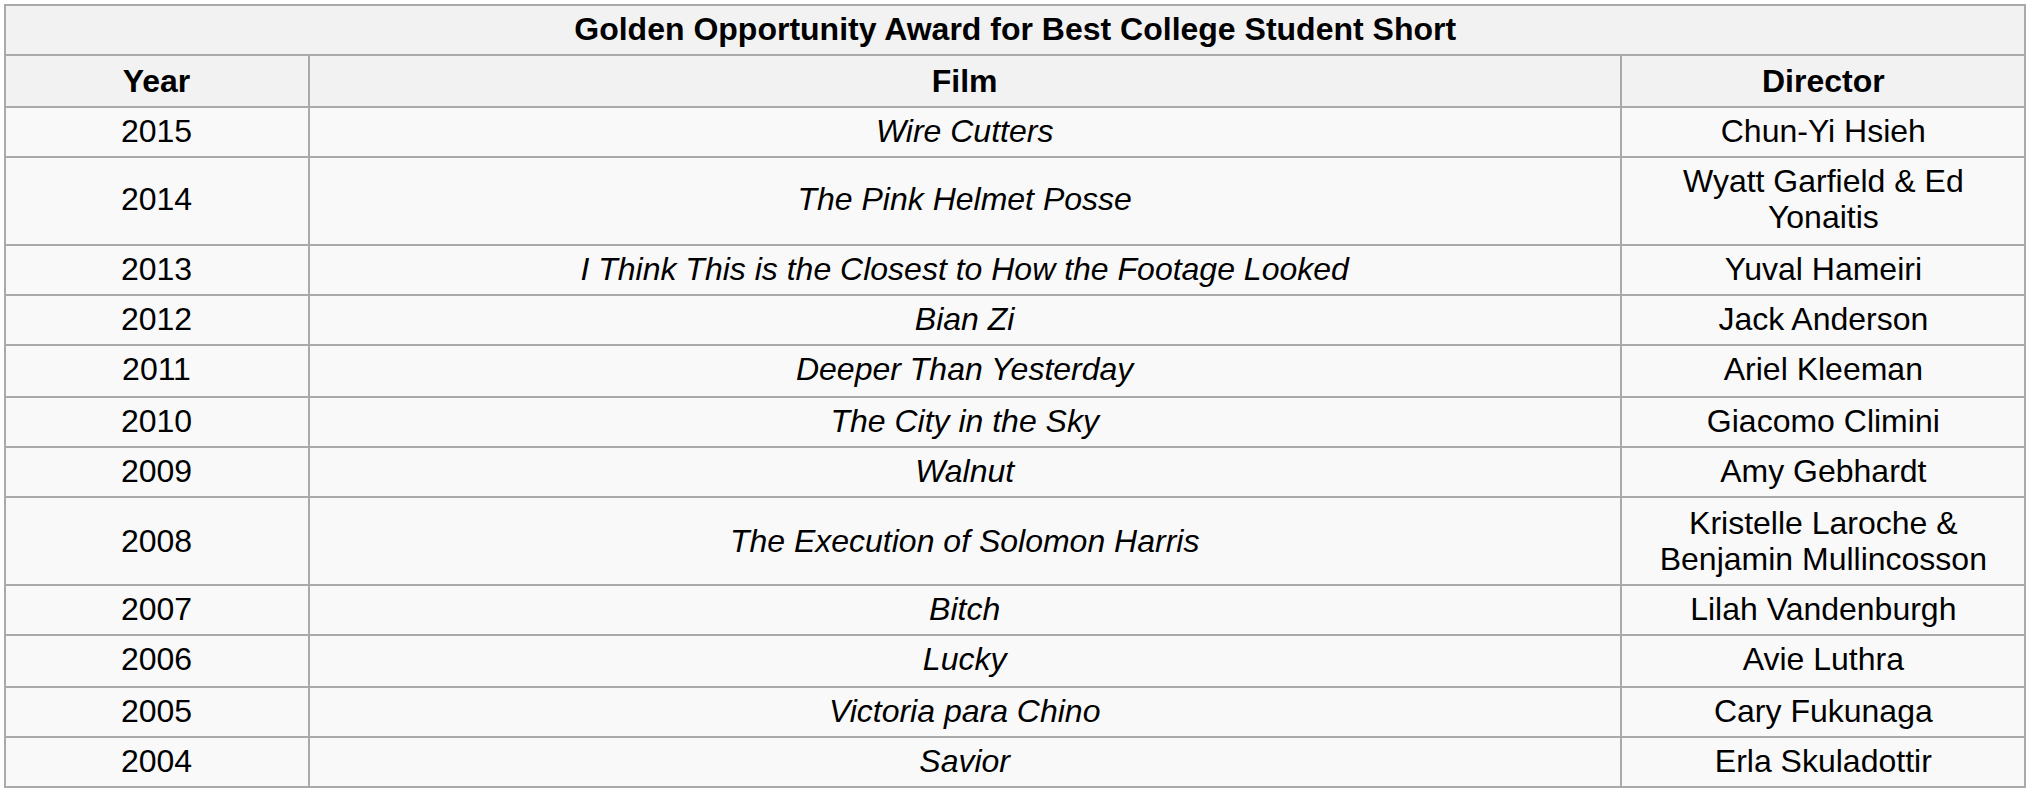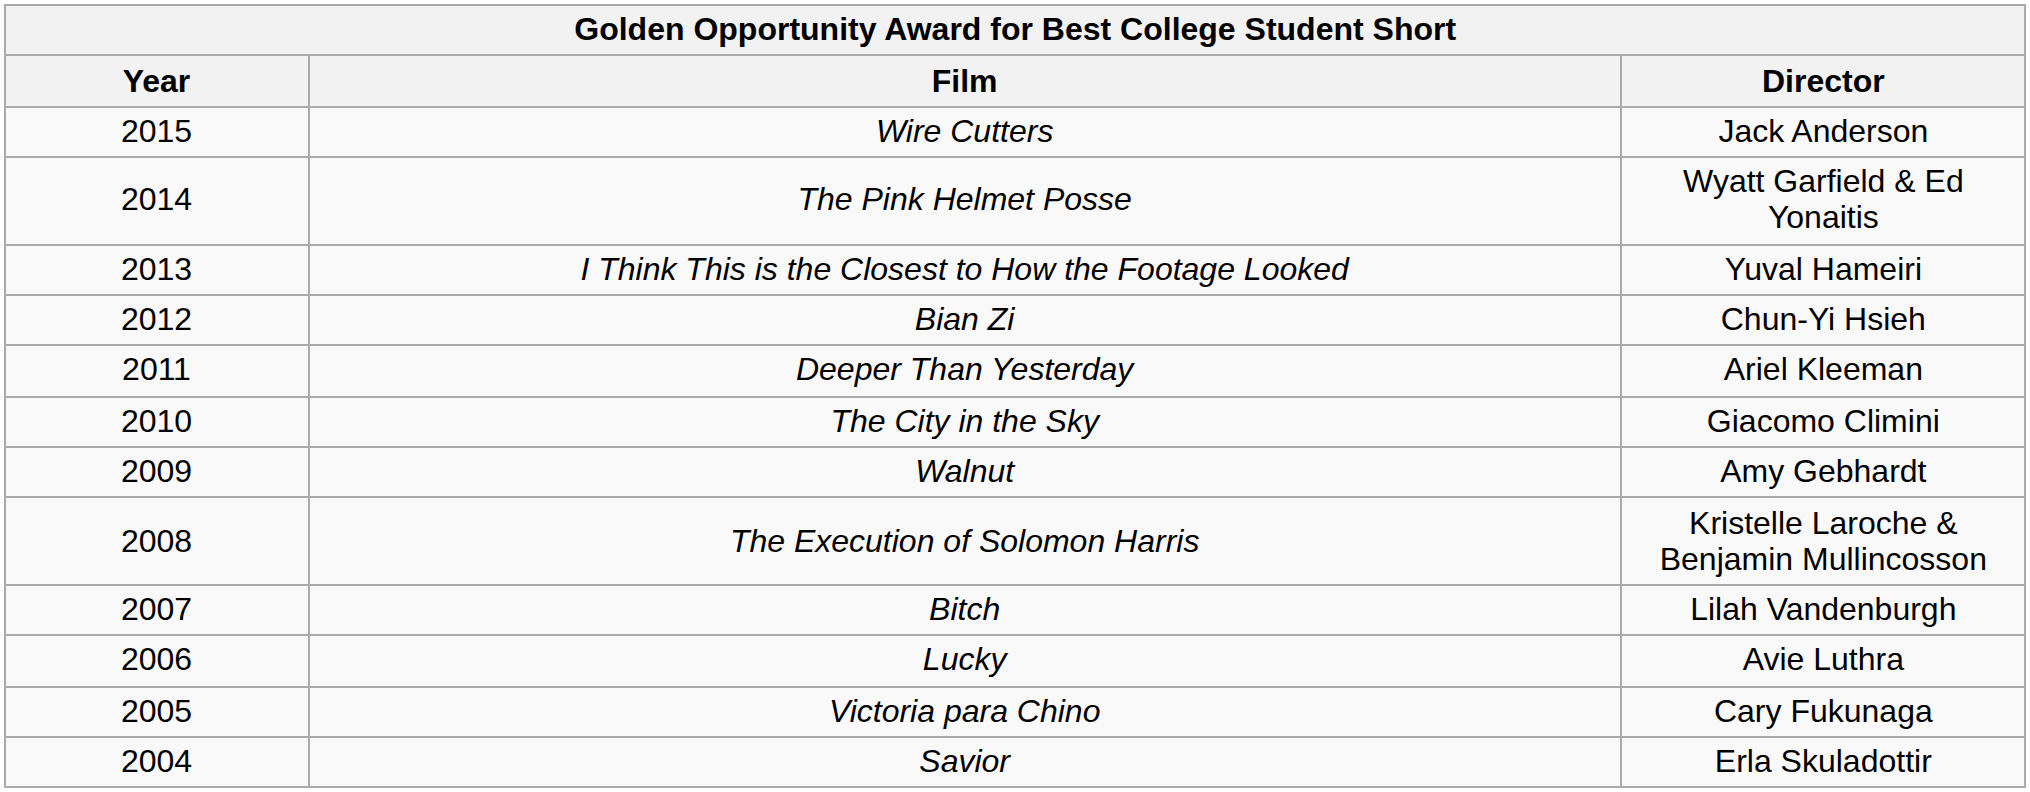 <table class="wikitable" width="80%">
 <tr>
 <th colspan="3" align="center">Golden Opportunity Award for Best College Student Short</th>
 </tr>
 <tr>
 <th width="15%">Year</th>
 <th width="65%">Film</th>
 <th width="20%">Director</th>
 </tr>
 <tr>
 <td align="center">2015</td>
 <td align="center"><em>Wire Cutters</em></td>
-<td align="center">Chun-Yi Hsieh</td>
+<td align="center">Jack Anderson</td>
 </tr>
 <tr>
 <td align="center">2014</td>
 <td align="center"><em>The Pink Helmet Posse</em></td>
 <td align="center">Wyatt Garfield & Ed Yonaitis</td>
 </tr>
 <tr>
 <td align="center">2013</td>
 <td align="center"><em>I Think This is the Closest to How the Footage Looked</em></td>
 <td align="center">Yuval Hameiri</td>
 </tr>
 <tr>
 <td align="center">2012</td>
 <td align="center"><em>Bian Zi</em></td>
-<td align="center">Jack Anderson</td>
+<td align="center">Chun-Yi Hsieh</td>
 </tr>
 <tr>
 <td align="center">2011</td>
 <td align="center"><em>Deeper Than Yesterday</em></td>
 <td align="center">Ariel Kleeman</td>
 </tr>
 <tr>
 <td align="center">2010</td>
 <td align="center"><em>The City in the Sky</em></td>
 <td align="center">Giacomo Climini</td>
 </tr>
 <tr>
 <td align="center">2009</td>
 <td align="center"><em>Walnut</em></td>
 <td align="center">Amy Gebhardt</td>
 </tr>
 <tr>
 <td align="center">2008</td>
 <td align="center"><em>The Execution of Solomon Harris</em></td>
 <td align="center">Kristelle Laroche & Benjamin Mullincosson</td>
 </tr>
 <tr>
 <td align="center">2007</td>
 <td align="center"><em>Bitch</em></td>
 <td align="center">Lilah Vandenburgh</td>
 </tr>
 <tr>
 <td align="center">2006</td>
 <td align="center"><em>Lucky</em></td>
 <td align="center">Avie Luthra</td>
 </tr>
 <tr>
 <td align="center">2005</td>
 <td align="center"><em>Victoria para Chino</em></td>
 <td align="center">Cary Fukunaga</td>
 </tr>
 <tr>
 <td align="center">2004</td>
 <td align="center"><em>Savior</em></td>
 <td align="center">Erla Skuladottir</td>
 </tr>
 <tr>
 </tr>
 </table>
